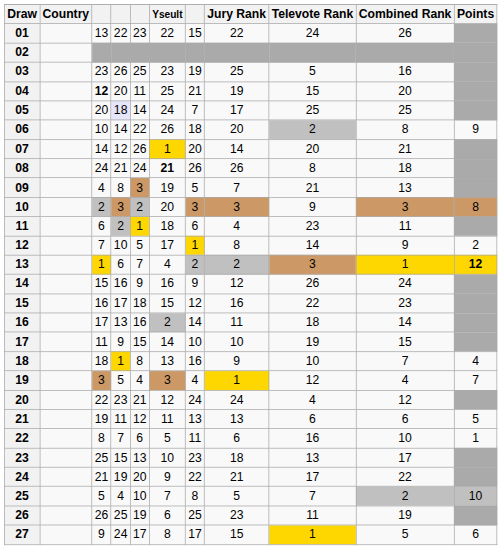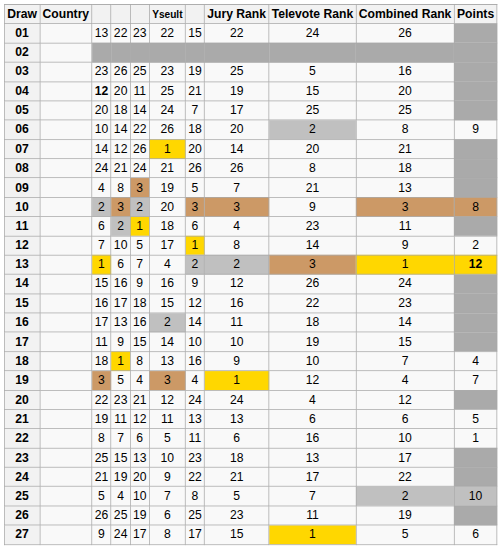 <table class="sortable wikitable collapsible plainrowheaders" style="text-align:center;">
 <tr>
 </tr>
 <tr>
 <th scope="col">Draw</th>
 <th scope="col">Country</th>
 <th scope="col"><small></small></th>
 <th scope="col"><small></small></th>
 <th scope="col"><small></small></th>
 <th scope="col"><small>Yseult</small></th>
 <th scope="col"><small></small></th>
 <th scope="col">Jury Rank</th>
 <th scope="col">Televote Rank</th>
 <th scope="col">Combined Rank</th>
 <th scope="col">Points</th>
 </tr>
 <tr>
 <th scope="row" style="text-align:center;">01</th>
 <td style="text-align:left;"></td>
 <td>13</td>
 <td>22</td>
 <td>23</td>
 <td>22</td>
 <td>15</td>
 <td>22</td>
 <td>24</td>
 <td>26</td>
 <td style="background:#AAAAAA;"></td>
 </tr>
 <tr class="sortbottom">
 <th scope="row" style="text-align:center;">02</th>
 <td style="text-align:left;"></td>
 <td style="background:#AAAAAA;"></td>
 <td style="background:#AAAAAA;"></td>
 <td style="background:#AAAAAA;"></td>
 <td style="background:#AAAAAA;"></td>
 <td style="background:#AAAAAA;"></td>
 <td style="background:#AAAAAA;"></td>
 <td style="background:#AAAAAA;"></td>
 <td style="background:#AAAAAA;"></td>
 <td style="background:#AAAAAA;"></td>
 </tr>
 <tr>
 <th scope="row" style="text-align:center;">03</th>
 <td style="text-align:left;"></td>
 <td>23</td>
 <td>26</td>
 <td>25</td>
 <td>23</td>
 <td>19</td>
 <td>25</td>
 <td>5</td>
 <td>16</td>
 <td style="background:#AAAAAA;"></td>
 </tr>
 <tr>
 <th scope="row" style="text-align:center;">04</th>
 <td style="text-align:left;"></td>
 <td><strong>12</strong></td>
 <td>20</td>
 <td>11</td>
 <td>25</td>
 <td>21</td>
 <td>19</td>
 <td>15</td>
 <td>20</td>
 <td style="background:#AAAAAA;"></td>
 </tr>
 <tr>
 <th scope="row" style="text-align:center;">05</th>
 <td style="text-align:left;"></td>
 <td>20</td>
-<td style="background: lavender;">18</td>
+<td>18</td>
 <td>14</td>
 <td>24</td>
 <td>7</td>
 <td>17</td>
 <td>25</td>
 <td>25</td>
 <td style="background:#AAAAAA;"></td>
 </tr>
 <tr>
 <th scope="row" style="text-align:center;">06</th>
 <td style="text-align:left;"></td>
 <td>10</td>
 <td>14</td>
 <td>22</td>
 <td>26</td>
 <td>18</td>
 <td>20</td>
 <td style="background:silver;">2</td>
 <td>8</td>
 <td>9</td>
 </tr>
 <tr>
 <th scope="row" style="text-align:center;">07</th>
 <td style="text-align:left;"></td>
 <td>14</td>
 <td>12</td>
 <td>26</td>
 <td style="background:gold;">1</td>
 <td>20</td>
 <td>14</td>
 <td>20</td>
 <td>21</td>
 <td style="background:#AAAAAA;"></td>
 </tr>
 <tr>
 <th scope="row" style="text-align:center;">08</th>
 <td style="text-align:left;"></td>
 <td>24</td>
 <td>21</td>
 <td>24</td>
-<td><strong>21</strong></td>
+<td>21</td>
 <td>26</td>
 <td>26</td>
 <td>8</td>
 <td>18</td>
 <td style="background:#AAAAAA;"></td>
 </tr>
 <tr>
 <th scope="row" style="text-align:center;">09</th>
 <td style="text-align:left;"></td>
 <td>4</td>
 <td>8</td>
 <td style="background:#CC9966;">3</td>
 <td>19</td>
 <td>5</td>
 <td>7</td>
 <td>21</td>
 <td>13</td>
 <td style="background:#AAAAAA;"></td>
 </tr>
 <tr>
 <th scope="row" style="text-align:center;">10</th>
 <td style="text-align:left;"></td>
 <td style="background:silver;">2</td>
 <td style="background:#CC9966;">3</td>
 <td style="background:silver;">2</td>
 <td>20</td>
 <td style="background:#CC9966;">3</td>
 <td style="background:#CC9966;">3</td>
 <td>9</td>
 <td style="background:#CC9966;">3</td>
 <td style="background:#CC9966;">8</td>
 </tr>
 <tr>
 <th scope="row" style="text-align:center;">11</th>
 <td style="text-align:left;"></td>
 <td>6</td>
 <td style="background:silver;">2</td>
 <td style="background:gold;">1</td>
 <td>18</td>
 <td>6</td>
 <td>4</td>
 <td>23</td>
 <td>11</td>
 <td style="background:#AAAAAA;"></td>
 </tr>
 <tr>
 <th scope="row" style="text-align:center;">12</th>
 <td style="text-align:left;"></td>
 <td>7</td>
 <td>10</td>
 <td>5</td>
 <td>17</td>
 <td style="background:gold;">1</td>
 <td>8</td>
 <td>14</td>
 <td>9</td>
 <td>2</td>
 </tr>
 <tr>
 <th scope="row" style="text-align:center;">13</th>
 <td style="text-align:left;"></td>
 <td style="background:gold;">1</td>
 <td>6</td>
 <td>7</td>
 <td>4</td>
 <td style="background:silver;">2</td>
 <td style="background:silver;">2</td>
 <td style="background:#CC9966;">3</td>
 <td style="background:gold;">1</td>
 <td style="background:gold;"><strong>12</strong></td>
 </tr>
 <tr>
 <th scope="row" style="text-align:center;">14</th>
 <td style="text-align:left;"></td>
 <td>15</td>
 <td>16</td>
 <td>9</td>
 <td>16</td>
 <td>9</td>
 <td>12</td>
 <td>26</td>
 <td>24</td>
 <td style="background:#AAAAAA;"></td>
 </tr>
 <tr>
 <th scope="row" style="text-align:center;">15</th>
 <td style="text-align:left;"></td>
 <td>16</td>
 <td>17</td>
 <td>18</td>
 <td>15</td>
 <td>12</td>
 <td>16</td>
 <td>22</td>
 <td>23</td>
 <td style="background:#AAAAAA;"></td>
 </tr>
 <tr>
 <th scope="row" style="text-align:center;">16</th>
 <td style="text-align:left;"></td>
 <td>17</td>
 <td>13</td>
 <td>16</td>
 <td style="background:silver;">2</td>
 <td>14</td>
 <td>11</td>
 <td>18</td>
 <td>14</td>
 <td style="background:#AAAAAA;"></td>
 </tr>
 <tr>
 <th scope="row" style="text-align:center;">17</th>
 <td style="text-align:left;"></td>
 <td>11</td>
 <td>9</td>
 <td>15</td>
 <td>14</td>
 <td>10</td>
 <td>10</td>
 <td>19</td>
 <td>15</td>
 <td style="background:#AAAAAA;"></td>
 </tr>
 <tr>
 <th scope="row" style="text-align:center;">18</th>
 <td style="text-align:left;"></td>
 <td>18</td>
 <td style="background:gold;">1</td>
 <td>8</td>
 <td>13</td>
 <td>16</td>
 <td>9</td>
 <td>10</td>
 <td>7</td>
 <td>4</td>
 </tr>
 <tr>
 <th scope="row" style="text-align:center;">19</th>
 <td style="text-align:left;"></td>
 <td style="background:#CC9966;">3</td>
 <td>5</td>
 <td>4</td>
 <td style="background:#CC9966;">3</td>
 <td>4</td>
 <td style="background:gold;">1</td>
 <td>12</td>
 <td>4</td>
 <td>7</td>
 </tr>
 <tr>
 <th scope="row" style="text-align:center;">20</th>
 <td style="text-align:left;"></td>
 <td>22</td>
 <td>23</td>
 <td>21</td>
 <td>12</td>
 <td>24</td>
 <td>24</td>
 <td>4</td>
 <td>12</td>
 <td style="background:#AAAAAA;"></td>
 </tr>
 <tr>
 <th scope="row" style="text-align:center;">21</th>
 <td style="text-align:left;"></td>
 <td>19</td>
 <td>11</td>
 <td>12</td>
 <td>11</td>
 <td>13</td>
 <td>13</td>
 <td>6</td>
 <td>6</td>
 <td>5</td>
 </tr>
 <tr>
 <th scope="row" style="text-align:center;">22</th>
 <td style="text-align:left;"></td>
 <td>8</td>
 <td>7</td>
 <td>6</td>
 <td>5</td>
 <td>11</td>
 <td>6</td>
 <td>16</td>
 <td>10</td>
 <td>1</td>
 </tr>
 <tr>
 <th scope="row" style="text-align:center;">23</th>
 <td style="text-align:left;"></td>
 <td>25</td>
 <td>15</td>
 <td>13</td>
 <td>10</td>
 <td>23</td>
 <td>18</td>
 <td>13</td>
 <td>17</td>
 <td style="background:#AAAAAA;"></td>
 </tr>
 <tr>
 <th scope="row" style="text-align:center;">24</th>
 <td style="text-align:left;"></td>
 <td>21</td>
 <td>19</td>
 <td>20</td>
 <td>9</td>
 <td>22</td>
 <td>21</td>
 <td>17</td>
 <td>22</td>
 <td style="background:#AAAAAA;"></td>
 </tr>
 <tr>
 <th scope="row" style="text-align:center;">25</th>
 <td style="text-align:left;"></td>
 <td>5</td>
 <td>4</td>
 <td>10</td>
 <td>7</td>
 <td>8</td>
 <td>5</td>
 <td>7</td>
 <td style="background:silver;">2</td>
 <td style="background:silver;">10</td>
 </tr>
 <tr>
 <th scope="row" style="text-align:center;">26</th>
 <td style="text-align:left;"></td>
 <td>26</td>
 <td>25</td>
 <td>19</td>
 <td>6</td>
 <td>25</td>
 <td>23</td>
 <td>11</td>
 <td>19</td>
 <td style="background:#AAAAAA;"></td>
 </tr>
 <tr>
 <th scope="row" style="text-align:center;">27</th>
 <td style="text-align:left;"></td>
 <td>9</td>
 <td>24</td>
 <td>17</td>
 <td>8</td>
 <td>17</td>
 <td>15</td>
 <td style="background:gold;">1</td>
 <td>5</td>
 <td>6</td>
 </tr>
 </table>
